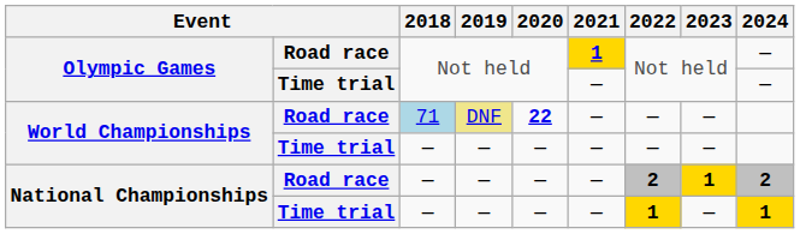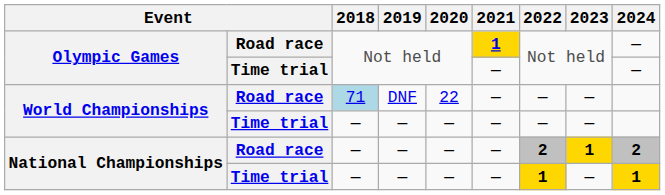 <table class="wikitable plainrowheaders">
 <tr>
 <th colspan="2" scope="col">Event</th>
 <th scope="col">2018</th>
 <th scope="col">2019</th>
 <th scope="col">2020</th>
 <th scope="col">2021</th>
 <th scope="col">2022</th>
 <th scope="col">2023</th>
 <th scope="col">2024</th>
 </tr>
 <tr style="text-align:center;">
 <th rowspan="2" scope="row"> <a href='#'>Olympic Games</a></th>
 <th scope="row">Road race</th>
 <td style="color:#4d4d4d;" rowspan=2 colspan=3>Not held</td>
 <td style="background:gold;"><a href='#'><strong>1</strong></a></td>
 <td style="color:#4d4d4d;" rowspan=2 colspan=2>Not held</td>
 <td>—</td>
 </tr>
 <tr style="text-align:center;">
 <th scope="row">Time trial</th>
 <td>—</td>
 <td>—</td>
 </tr>
 <tr style="text-align:center;">
 <th rowspan="2" scope="row"> <a href='#'>World Championships</a></th>
 <th scope="row"><a href='#'>Road race</a></th>
 <td style="background: lightblue;"><a href='#'>71</a></td>
-<td style="background: khaki;"><a href='#'>DNF</a></td>
-<td><strong><a href='#'>22</a></strong></td>
+<td><a href='#'>DNF</a></td>
+<td><a href='#'>22</a></td>
 <td>—</td>
 <td>—</td>
 <td>—</td>
 </tr>
 <tr style="text-align:center;">
 <th scope="row"><a href='#'>Time trial</a></th>
 <td>—</td>
 <td>—</td>
 <td>—</td>
 <td>—</td>
 <td>—</td>
 <td>—</td>
 <td></td>
 </tr>
 <tr style="text-align:center;">
 <th rowspan="2" scope="row"> National Championships</th>
 <th scope="row"><a href='#'>Road race</a></th>
 <td>—</td>
 <td>—</td>
 <td>—</td>
 <td>—</td>
 <td style="background:silver;"><strong>2</strong></td>
 <td style="background:gold;"><strong>1</strong></td>
 <td style="background:silver;"><strong>2</strong></td>
 </tr>
 <tr style="text-align:center;">
 <th scope="row"><a href='#'>Time trial</a></th>
 <td>—</td>
 <td>—</td>
 <td>—</td>
 <td>—</td>
 <td style="background:gold;"><strong>1</strong></td>
 <td>—</td>
 <td style="background:gold;"><strong>1</strong></td>
 </tr>
 </table>
